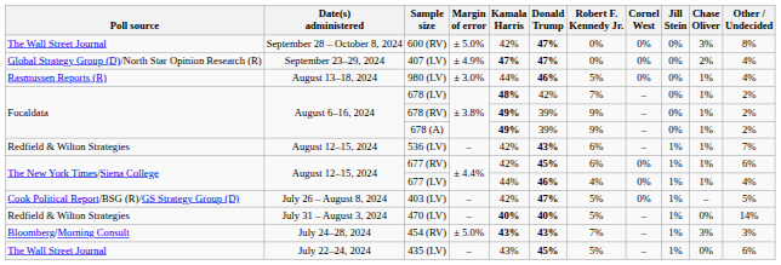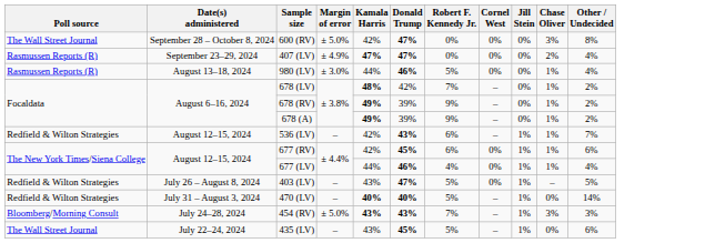 <table class="wikitable sortable mw-datatable" style="font-size:90%;text-align:center;line-height:17px">
 <tr valign=bottom>
 <th>Poll source</th>
 <th>Date(s)<br>administered</th>
 <th>Sample<br>size</th>
 <th>Margin<br>of error</th>
 <th class="unsortable">Kamala<br>Harris<br></th>
 <th class="unsortable">Donald<br>Trump<br></th>
 <th class="unsortable">Robert F.<br>Kennedy Jr.<br></th>
 <th class="unsortable">Cornel<br>West<br></th>
 <th class="unsortable">Jill<br>Stein<br></th>
 <th class="unsortable">Chase<br>Oliver<br></th>
 <th class="unsortable">Other /<br>Undecided</th>
 </tr>
 <tr>
 <td style="text-align:left;"><a href='#'>The Wall Street Journal</a></td>
 <td data-sort-value="2024-10-08">September 28 – October 8, 2024</td>
 <td>600 (RV)</td>
 <td>± 5.0%</td>
 <td>42%</td>
 <td style="background-color:"><strong>47%</strong></td>
 <td>0%</td>
 <td>0%</td>
 <td>0%</td>
 <td>3%</td>
 <td>8%</td>
 </tr>
 <tr>
-<td style="text-align:left;"><a href='#'>Global Strategy Group (D)</a>/North Star Opinion Research (R)</td>
+<td style="text-align:left;"><a href='#'>Rasmussen Reports (R)</a></td>
 <td data-sort-value="2024-09-29">September 23–29, 2024</td>
 <td>407 (LV)</td>
 <td>± 4.9%</td>
 <td><strong>47%</strong></td>
 <td><strong>47%</strong></td>
 <td>0%</td>
 <td>0%</td>
 <td>0%</td>
 <td>2%</td>
 <td>4%</td>
 </tr>
 <tr>
 <td style="text-align:left;"><a href='#'>Rasmussen Reports (R)</a></td>
 <td data-sort-value="2024-08-18">August 13–18, 2024</td>
 <td>980 (LV)</td>
 <td>± 3.0%</td>
 <td>44%</td>
 <td style="background-color:"><strong>46%</strong></td>
 <td>5%</td>
 <td>0%</td>
 <td>0%</td>
 <td>1%</td>
 <td>4%</td>
 </tr>
 <tr>
 <td style="text-align:left;" rowspan="3">Focaldata</td>
 <td rowspan="3">August 6–16, 2024</td>
 <td>678 (LV)</td>
 <td rowspan="3">± 3.8%</td>
 <td style="color:black;background-color:"><strong>48%</strong></td>
 <td>42%</td>
 <td>7%</td>
 <td>–</td>
 <td>0%</td>
 <td>1%</td>
 <td>2%</td>
 </tr>
 <tr>
 <td>678 (RV)</td>
 <td style="color:black;background-color:"><strong>49%</strong></td>
 <td>39%</td>
 <td>9%</td>
 <td>–</td>
 <td>0%</td>
 <td>1%</td>
 <td>2%</td>
 </tr>
 <tr>
 <td>678 (A)</td>
 <td style="color:black;background-color:"><strong>49%</strong></td>
 <td>39%</td>
 <td>9%</td>
 <td>–</td>
 <td>0%</td>
 <td>1%</td>
 <td>2%</td>
 </tr>
 <tr>
 <td style="text-align:left;">Redfield & Wilton Strategies</td>
 <td data-sort-value="2024-08-15">August 12–15, 2024</td>
 <td>536 (LV)</td>
 <td>–</td>
 <td>42%</td>
 <td style="background-color:"><strong>43%</strong></td>
 <td>6%</td>
 <td>–</td>
 <td>1%</td>
 <td>1%</td>
 <td>7%</td>
 </tr>
 <tr>
 <td style="text-align:left;" rowspan="2"><a href='#'>The New York Times</a>/<a href='#'>Siena College</a></td>
 <td rowspan="2">August 12–15, 2024</td>
 <td>677 (RV)</td>
 <td rowspan="2">± 4.4%</td>
 <td>42%</td>
 <td style="background-color:"><strong>45%</strong></td>
 <td>6%</td>
 <td>0%</td>
 <td>1%</td>
 <td>1%</td>
 <td>6%</td>
 </tr>
 <tr>
 <td>677 (LV)</td>
 <td>44%</td>
 <td style="background-color:"><strong>46%</strong></td>
 <td>4%</td>
 <td>0%</td>
 <td>1%</td>
 <td>1%</td>
 <td>4%</td>
 </tr>
 <tr>
-<td style="text-align:left;"><a href='#'>Cook Political Report</a>/BSG (R)/<a href='#'>GS Strategy Group (D)</a></td>
+<td style="text-align:left;">Redfield & Wilton Strategies</td>
 <td data-sort-value="2024-08-08">July 26 – August 8, 2024</td>
 <td>403 (LV)</td>
 <td>–</td>
-<td>42%</td>
+<td>43%</td>
 <td style="background-color:"><strong>47%</strong></td>
 <td>5%</td>
 <td>0%</td>
 <td>1%</td>
 <td>–</td>
 <td>5%</td>
 </tr>
 <tr>
 <td style="text-align:left;">Redfield & Wilton Strategies</td>
 <td data-sort-value="2024-08-03">July 31 – August 3, 2024</td>
 <td>470 (LV)</td>
 <td>–</td>
 <td><strong>40%</strong></td>
 <td><strong>40%</strong></td>
 <td>5%</td>
 <td>–</td>
 <td>1%</td>
 <td>0%</td>
 <td>14%</td>
 </tr>
 <tr>
 <td style="text-align:left;"><a href='#'>Bloomberg</a>/<a href='#'>Morning Consult</a></td>
 <td data-sort-value="2024-07-28">July 24–28, 2024</td>
 <td>454 (RV)</td>
 <td>± 5.0%</td>
 <td><strong>43%</strong></td>
 <td><strong>43%</strong></td>
 <td>7%</td>
 <td>–</td>
 <td>1%</td>
 <td>3%</td>
 <td>3%</td>
 </tr>
 <tr>
 <td style="text-align:left;"><a href='#'>The Wall Street Journal</a></td>
 <td data-sort-value="2024-07-26">July 22–24, 2024</td>
 <td>435 (LV)</td>
 <td>–</td>
 <td>43%</td>
 <td style="background-color:"><strong>45%</strong></td>
 <td>5%</td>
 <td>–</td>
 <td>1%</td>
 <td>0%</td>
 <td>6%</td>
 </tr>
 </table>
